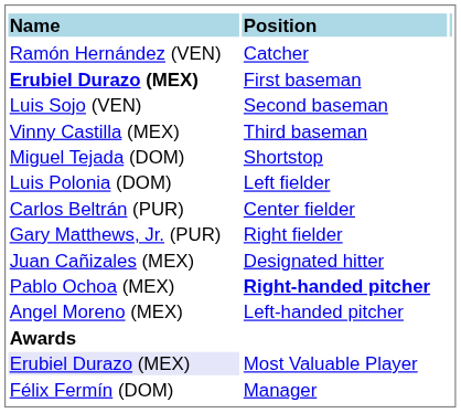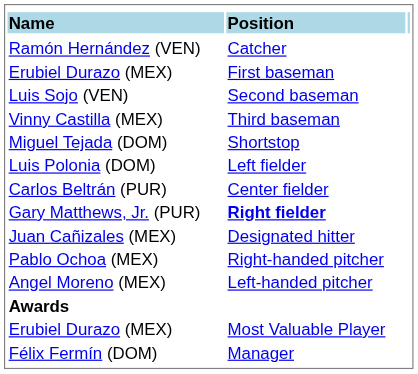 <table cellpadding="1" width="350px" style="font-size: 90%; border: 1px solid gray;">
 <tr align="center" style="font-size: larger;">
 <td colspan=6></td>
 </tr>
 <tr style="background:lightblue;">
 <td><strong>Name</strong></td>
 <td><strong>Position</strong></td>
 <td></td>
 </tr>
 <tr align="center" style="vertical-align: middle;" style="background:lightblue;">
 </tr>
 <tr>
 <td><a href='#'>Ramón Hernández</a>  (VEN)</td>
 <td><a href='#'>Catcher</a></td>
 </tr>
 <tr>
-<td><strong><a href='#'>Erubiel Durazo</a> (MEX)</strong></td>
+<td><a href='#'>Erubiel Durazo</a> (MEX)</td>
 <td><a href='#'>First baseman</a></td>
 </tr>
 <tr>
 <td><a href='#'>Luis Sojo</a> (VEN)</td>
 <td><a href='#'>Second baseman</a></td>
 </tr>
 <tr>
 <td><a href='#'>Vinny Castilla</a> (MEX)</td>
 <td><a href='#'>Third baseman</a></td>
 </tr>
 <tr>
 <td><a href='#'>Miguel Tejada</a> (DOM)</td>
 <td><a href='#'>Shortstop</a></td>
 </tr>
 <tr>
 <td><a href='#'>Luis Polonia</a> (DOM)</td>
 <td><a href='#'>Left fielder</a></td>
 </tr>
 <tr>
 <td><a href='#'>Carlos Beltrán</a> (PUR)</td>
 <td><a href='#'>Center fielder</a></td>
 </tr>
 <tr>
 <td><a href='#'>Gary Matthews, Jr.</a> (PUR)</td>
-<td><a href='#'>Right fielder</a></td>
+<td><strong><a href='#'>Right fielder</a></strong></td>
 </tr>
 <tr>
 <td><a href='#'>Juan Cañizales</a> (MEX)</td>
 <td><a href='#'>Designated hitter</a></td>
 </tr>
 <tr>
 <td><a href='#'>Pablo Ochoa</a> (MEX)</td>
-<td><strong><a href='#'>Right-handed pitcher</a></strong></td>
+<td><a href='#'>Right-handed pitcher</a></td>
 </tr>
 <tr>
 <td><a href='#'>Angel Moreno</a> (MEX)</td>
 <td><a href='#'>Left-handed pitcher</a></td>
 </tr>
 <tr>
 <td><strong>Awards</strong></td>
 </tr>
 <tr>
-<td style="background: lavender;"><a href='#'>Erubiel Durazo</a> (MEX)</td>
+<td><a href='#'>Erubiel Durazo</a> (MEX)</td>
 <td><a href='#'>Most Valuable Player</a></td>
 </tr>
 <tr>
 <td><a href='#'>Félix Fermín</a> (DOM)</td>
 <td><a href='#'>Manager</a></td>
 </tr>
 <tr>
 </tr>
 </table>
